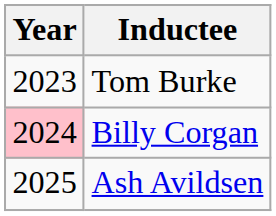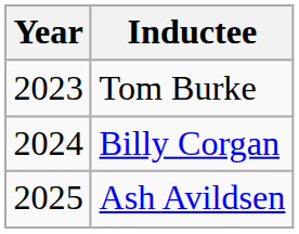 <table class="wikitable">
 <tr>
 <th>Year</th>
 <th>Inductee</th>
 </tr>
 <tr>
 <td>2023</td>
 <td>Tom Burke</td>
 </tr>
 <tr>
-<td style="background: pink;">2024</td>
+<td>2024</td>
 <td><a href='#'>Billy Corgan</a></td>
 </tr>
 <tr>
 <td>2025</td>
 <td><a href='#'>Ash Avildsen</a></td>
 </tr>
 </table>
